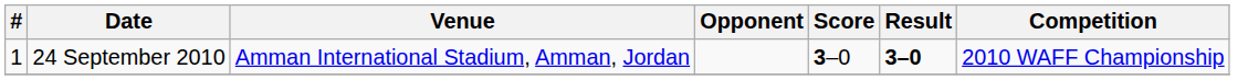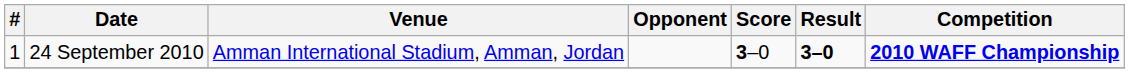 <table class="wikitable">
 <tr>
 <th>#</th>
 <th>Date</th>
 <th>Venue</th>
 <th>Opponent</th>
 <th>Score</th>
 <th>Result</th>
 <th>Competition</th>
 </tr>
 <tr>
 <td>1</td>
 <td>24 September 2010</td>
 <td><a href='#'>Amman International Stadium</a>, <a href='#'>Amman</a>, <a href='#'>Jordan</a></td>
 <td></td>
 <td><strong>3</strong>–0</td>
 <td><strong>3–0</strong></td>
-<td><a href='#'>2010 WAFF Championship</a></td>
+<td><strong><a href='#'>2010 WAFF Championship</a></strong></td>
 </tr>
 <tr>
 </tr>
 </table>
